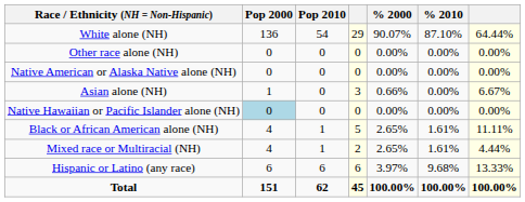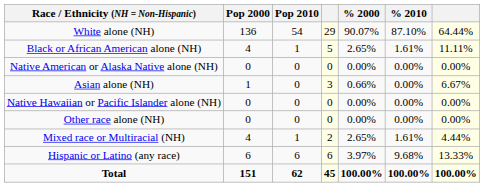 <table class="wikitable" style="text-align:center;">
 <tr>
 <th>Race / Ethnicity <small>(<em>NH = Non-Hispanic</em>)</small></th>
 <th>Pop 2000</th>
 <th>Pop 2010</th>
 <th></th>
 <th>% 2000</th>
 <th>% 2010</th>
 <th></th>
 </tr>
 <tr>
 <td><a href='#'>White</a> alone (NH)</td>
 <td>136</td>
 <td>54</td>
 <td style='background: #ffffe6;'>29</td>
 <td>90.07%</td>
 <td>87.10%</td>
 <td style='background: #ffffe6;'>64.44%</td>
 </tr>
 <tr>
-<td><a href='#'>Other race</a> alone (NH)</td>
-<td>0</td>
-<td>0</td>
-<td style='background: #ffffe6;'>0</td>
-<td>0.00%</td>
-<td>0.00%</td>
-<td style='background: #ffffe6;'>0.00%</td>
+<td><a href='#'>Black or African American</a> alone (NH)</td>
+<td>4</td>
+<td>1</td>
+<td style='background: #ffffe6;'>5</td>
+<td>2.65%</td>
+<td>1.61%</td>
+<td style='background: #ffffe6;'>11.11%</td>
 </tr>
 <tr>
 <td><a href='#'>Native American</a> or <a href='#'>Alaska Native</a> alone (NH)</td>
 <td>0</td>
 <td>0</td>
 <td style='background: #ffffe6;'>0</td>
 <td>0.00%</td>
 <td>0.00%</td>
 <td style='background: #ffffe6;'>0.00%</td>
 </tr>
 <tr>
 <td><a href='#'>Asian</a> alone (NH)</td>
 <td>1</td>
 <td>0</td>
 <td style='background: #ffffe6;'>3</td>
 <td>0.66%</td>
 <td>0.00%</td>
 <td style='background: #ffffe6;'>6.67%</td>
 </tr>
 <tr>
 <td><a href='#'>Native Hawaiian</a> or <a href='#'>Pacific Islander</a> alone (NH)</td>
-<td style="background: lightblue;">0</td>
+<td>0</td>
 <td>0</td>
 <td style='background: #ffffe6;'>0</td>
 <td>0.00%</td>
 <td>0.00%</td>
 <td style='background: #ffffe6;'>0.00%</td>
 </tr>
 <tr>
-<td><a href='#'>Black or African American</a> alone (NH)</td>
-<td>4</td>
-<td>1</td>
-<td style='background: #ffffe6;'>5</td>
-<td>2.65%</td>
-<td>1.61%</td>
-<td style='background: #ffffe6;'>11.11%</td>
+<td><a href='#'>Other race</a> alone (NH)</td>
+<td>0</td>
+<td>0</td>
+<td style='background: #ffffe6;'>0</td>
+<td>0.00%</td>
+<td>0.00%</td>
+<td style='background: #ffffe6;'>0.00%</td>
 </tr>
 <tr>
 <td><a href='#'>Mixed race or Multiracial</a> (NH)</td>
 <td>4</td>
 <td>1</td>
 <td style='background: #ffffe6;'>2</td>
 <td>2.65%</td>
 <td>1.61%</td>
 <td style='background: #ffffe6;'>4.44%</td>
 </tr>
 <tr>
 <td><a href='#'>Hispanic or Latino</a> (any race)</td>
 <td>6</td>
 <td>6</td>
 <td style='background: #ffffe6;'>6</td>
 <td>3.97%</td>
 <td>9.68%</td>
 <td style='background: #ffffe6;'>13.33%</td>
 </tr>
 <tr>
 <td><strong>Total</strong></td>
 <td><strong>151</strong></td>
 <td><strong>62</strong></td>
 <td style='background: #ffffe6;'><strong>45</strong></td>
 <td><strong>100.00%</strong></td>
 <td><strong>100.00%</strong></td>
 <td style='background: #ffffe6;'><strong>100.00%</strong></td>
 </tr>
 </table>
